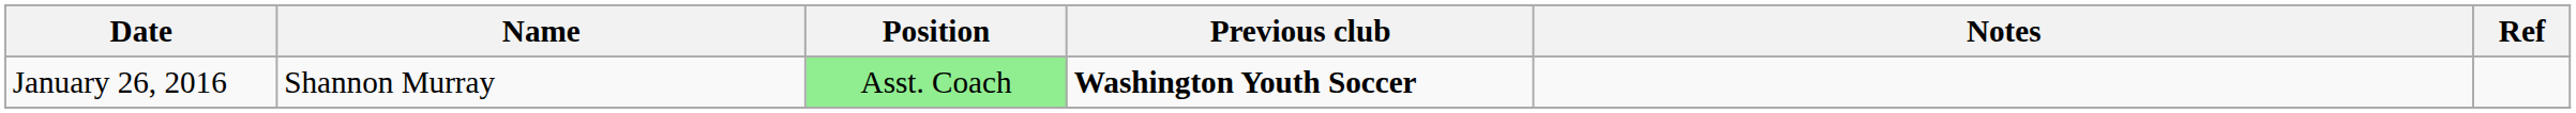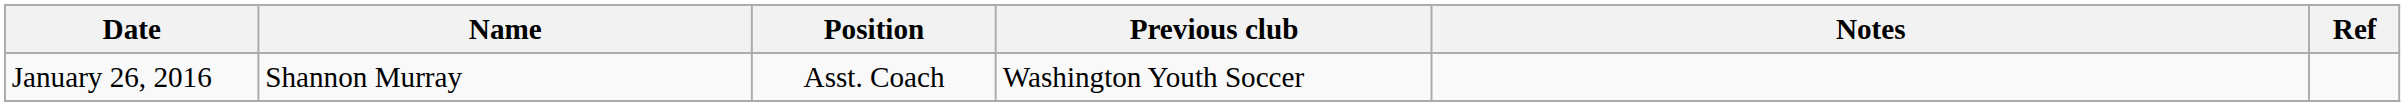 <table class="wikitable" style="text-align:left; font-size:95%;">
 <tr>
 <th style="width:125px;">Date</th>
 <th style="width:250px;">Name</th>
 <th style="width:120px;">Position</th>
 <th style="width:220px;">Previous club</th>
 <th style="width:450px;">Notes</th>
 <th style="width:40px;">Ref</th>
 </tr>
 <tr>
 <td>January 26, 2016</td>
 <td> Shannon Murray</td>
-<td style="background: lightgreen; text-align:center;">Asst. Coach</td>
-<td><strong> Washington Youth Soccer</strong></td>
+<td style="text-align:center;">Asst. Coach</td>
+<td> Washington Youth Soccer</td>
 <td></td>
 <td></td>
 </tr>
 <tr>
 </tr>
 </table>
